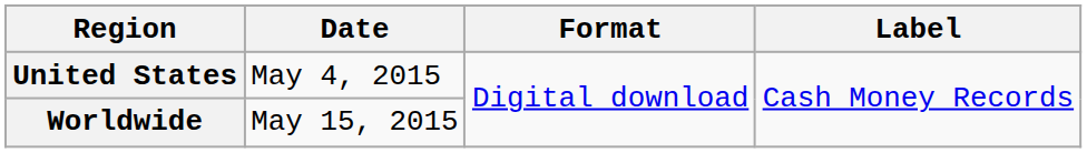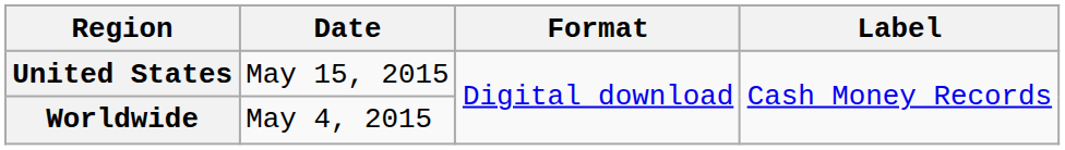 <table class="wikitable sortable plainrowheaders">
 <tr>
 <th>Region</th>
 <th>Date</th>
 <th>Format</th>
 <th>Label</th>
 </tr>
 <tr>
 <th scope="row">United States</th>
-<td>May 4, 2015</td>
+<td>May 15, 2015</td>
 <td rowspan="2"><a href='#'>Digital download</a></td>
 <td rowspan="2"><a href='#'>Cash Money Records</a></td>
 </tr>
 <tr>
 <th scope="row">Worldwide</th>
-<td>May 15, 2015</td>
+<td>May 4, 2015</td>
 </tr>
 </table>
